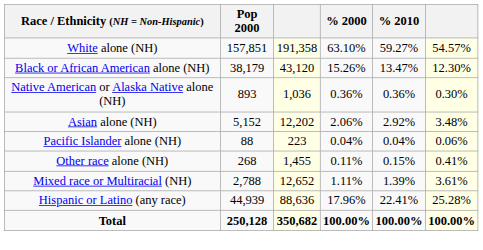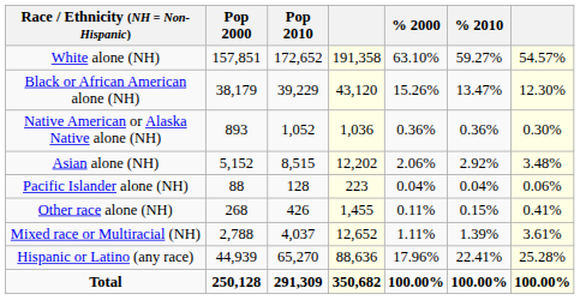 <table class="wikitable" style="text-align:center;">
 <tr>
 <th>Race / Ethnicity <small>(<em>NH = Non-Hispanic</em>)</small></th>
 <th>Pop 2000</th>
+<th>Pop 2010</th>
 <th></th>
 <th>% 2000</th>
 <th>% 2010</th>
 <th></th>
 </tr>
 <tr>
 <td><a href='#'>White</a> alone (NH)</td>
 <td>157,851</td>
+<td>172,652</td>
 <td style='background: #ffffe6;'>191,358</td>
 <td>63.10%</td>
 <td>59.27%</td>
 <td style='background: #ffffe6;'>54.57%</td>
 </tr>
 <tr>
 <td><a href='#'>Black or African American</a> alone (NH)</td>
 <td>38,179</td>
+<td>39,229</td>
 <td style='background: #ffffe6;'>43,120</td>
 <td>15.26%</td>
 <td>13.47%</td>
 <td style='background: #ffffe6;'>12.30%</td>
 </tr>
 <tr>
 <td><a href='#'>Native American</a> or <a href='#'>Alaska Native</a> alone (NH)</td>
 <td>893</td>
+<td>1,052</td>
 <td style='background: #ffffe6;'>1,036</td>
 <td>0.36%</td>
 <td>0.36%</td>
 <td style='background: #ffffe6;'>0.30%</td>
 </tr>
 <tr>
 <td><a href='#'>Asian</a> alone (NH)</td>
 <td>5,152</td>
+<td>8,515</td>
 <td style='background: #ffffe6;'>12,202</td>
 <td>2.06%</td>
 <td>2.92%</td>
 <td style='background: #ffffe6;'>3.48%</td>
 </tr>
 <tr>
 <td><a href='#'>Pacific Islander</a> alone (NH)</td>
 <td>88</td>
+<td>128</td>
 <td style='background: #ffffe6;'>223</td>
 <td>0.04%</td>
 <td>0.04%</td>
 <td style='background: #ffffe6;'>0.06%</td>
 </tr>
 <tr>
 <td><a href='#'>Other race</a> alone (NH)</td>
 <td>268</td>
+<td>426</td>
 <td style='background: #ffffe6;'>1,455</td>
 <td>0.11%</td>
 <td>0.15%</td>
 <td style='background: #ffffe6;'>0.41%</td>
 </tr>
 <tr>
 <td><a href='#'>Mixed race or Multiracial</a> (NH)</td>
 <td>2,788</td>
+<td>4,037</td>
 <td style='background: #ffffe6;'>12,652</td>
 <td>1.11%</td>
 <td>1.39%</td>
 <td style='background: #ffffe6;'>3.61%</td>
 </tr>
 <tr>
 <td><a href='#'>Hispanic or Latino</a> (any race)</td>
 <td>44,939</td>
+<td>65,270</td>
 <td style='background: #ffffe6;'>88,636</td>
 <td>17.96%</td>
 <td>22.41%</td>
 <td style='background: #ffffe6;'>25.28%</td>
 </tr>
 <tr>
 <td><strong>Total</strong></td>
 <td><strong>250,128</strong></td>
+<td><strong>291,309</strong></td>
 <td style='background: #ffffe6;'><strong>350,682</strong></td>
 <td><strong>100.00%</strong></td>
 <td><strong>100.00%</strong></td>
 <td style='background: #ffffe6;'><strong>100.00%</strong></td>
 </tr>
 </table>
